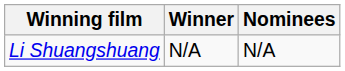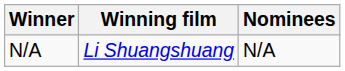 <table class="wikitable">
 <tr>
+<th>Winner</th>
 <th>Winning film</th>
-<th>Winner</th>
 <th>Nominees</th>
 </tr>
 <tr>
+<td>N/A</td>
 <td><em><a href='#'>Li Shuangshuang</a></em></td>
-<td>N/A</td>
 <td>N/A</td>
 </tr>
 </table>
